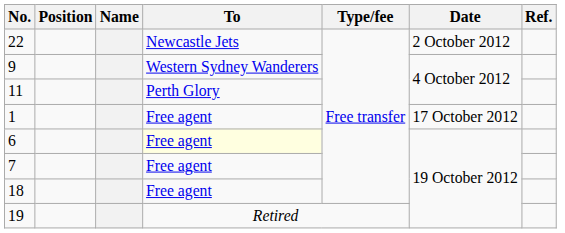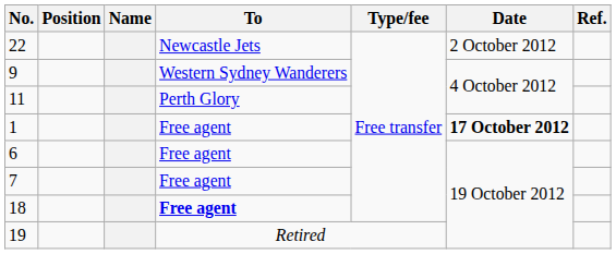 <table class="wikitable plainrowheaders sortable" style="text-align:center; text-align:left">
 <tr>
 <th>No.</th>
 <th>Position</th>
 <th>Name</th>
 <th>To</th>
 <th>Type/fee</th>
 <th>Date</th>
 <th>Ref.</th>
 </tr>
 <tr>
 <td>22</td>
 <td></td>
 <th scope="row"></th>
 <td><a href='#'>Newcastle Jets</a></td>
 <td rowspan="7"><a href='#'>Free transfer</a></td>
 <td>2 October 2012</td>
 <td></td>
 </tr>
 <tr>
 <td>9</td>
 <td></td>
 <th scope="row"></th>
 <td><a href='#'>Western Sydney Wanderers</a></td>
 <td rowspan="2">4 October 2012</td>
 <td></td>
 </tr>
 <tr>
 <td>11</td>
 <td></td>
 <th scope="row"></th>
 <td><a href='#'>Perth Glory</a></td>
 <td></td>
 </tr>
 <tr>
 <td>1</td>
 <td></td>
 <th scope="row"></th>
 <td><a href='#'>Free agent</a></td>
-<td>17 October 2012</td>
+<td><strong>17 October 2012</strong></td>
 <td></td>
 </tr>
 <tr>
 <td>6</td>
 <td></td>
 <th scope="row"></th>
-<td style="background: lightyellow;"><a href='#'>Free agent</a></td>
+<td><a href='#'>Free agent</a></td>
 <td rowspan="4">19 October 2012</td>
 <td></td>
 </tr>
 <tr>
 <td>7</td>
 <td></td>
 <th scope="row"></th>
 <td><a href='#'>Free agent</a></td>
 <td></td>
 </tr>
 <tr>
 <td>18</td>
 <td></td>
 <th scope="row"></th>
-<td><a href='#'>Free agent</a></td>
+<td><strong><a href='#'>Free agent</a></strong></td>
 <td></td>
 </tr>
 <tr>
 <td>19</td>
 <td></td>
 <th scope="row"></th>
 <td colspan="2" align="center"><em>Retired</em></td>
 <td></td>
 </tr>
 </table>
